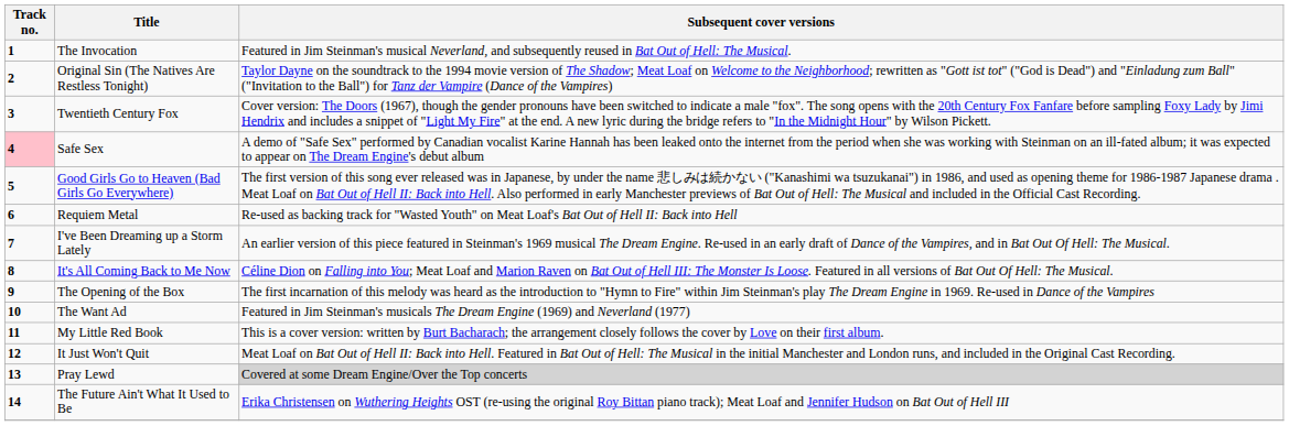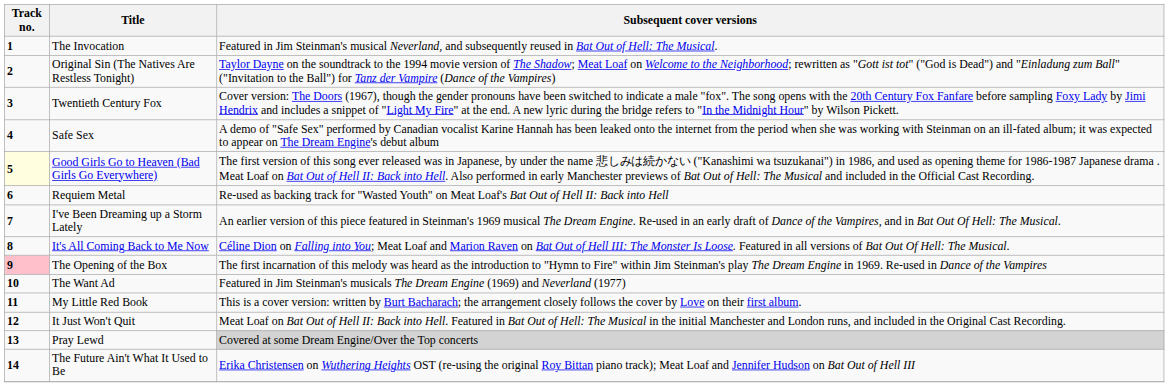 <table class="wikitable">
 <tr>
 <th>Track no.</th>
 <th>Title</th>
 <th>Subsequent cover versions</th>
 </tr>
 <tr>
 <td><strong>1</strong></td>
 <td>The Invocation</td>
 <td>Featured in Jim Steinman's musical <em>Neverland,</em> and subsequently reused in <em><a href='#'>Bat Out of Hell: The Musical</a></em>.</td>
 </tr>
 <tr>
 <td><strong>2</strong></td>
 <td>Original Sin (The Natives Are Restless Tonight)</td>
 <td><a href='#'>Taylor Dayne</a> on the soundtrack to the 1994 movie version of <em><a href='#'>The Shadow</a></em>; <a href='#'>Meat Loaf</a> on <em><a href='#'>Welcome to the Neighborhood</a></em>; rewritten as "<em>Gott ist tot</em>" ("God is Dead") and "<em>Einladung zum Ball</em>" ("Invitation to the Ball") for <em><a href='#'>Tanz der Vampire</a></em> (<em>Dance of the Vampires</em>)</td>
 </tr>
 <tr>
 <td><strong>3</strong></td>
 <td>Twentieth Century Fox</td>
 <td>Cover version: <a href='#'>The Doors</a> (1967), though the gender pronouns have been switched to indicate a male "fox". The song opens with the <a href='#'>20th Century Fox Fanfare</a> before sampling <a href='#'>Foxy Lady</a> by <a href='#'>Jimi Hendrix</a> and includes a snippet of "<a href='#'>Light My Fire</a>" at the end. A new lyric during the bridge refers to "<a href='#'>In the Midnight Hour</a>" by Wilson Pickett.</td>
 </tr>
 <tr>
-<td style="background: pink;"><strong>4</strong></td>
+<td><strong>4</strong></td>
 <td>Safe Sex</td>
 <td>A demo of "Safe Sex" performed by Canadian vocalist Karine Hannah has been leaked onto the internet from the period when she was working with Steinman on an ill-fated album; it was expected to appear on <a href='#'>The Dream Engine</a>'s debut album</td>
 </tr>
 <tr>
-<td><strong>5</strong></td>
+<td style="background: lightyellow;"><strong>5</strong></td>
 <td><a href='#'>Good Girls Go to Heaven (Bad Girls Go Everywhere)</a></td>
 <td>The first version of this song ever released was in Japanese, by  under the name 悲しみは続かない ("Kanashimi wa tsuzukanai") in 1986, and used as opening theme for 1986-1987 Japanese drama . Meat Loaf on <em><a href='#'>Bat Out of Hell II: Back into Hell</a></em>. Also performed in early Manchester previews of <em>Bat Out of Hell: The Musical</em> and included in the Official Cast Recording.</td>
 </tr>
 <tr>
 <td><strong>6</strong></td>
 <td>Requiem Metal</td>
 <td>Re-used as backing track for "Wasted Youth" on Meat Loaf's <em>Bat Out of Hell II: Back into Hell</em></td>
 </tr>
 <tr>
 <td><strong>7</strong></td>
 <td>I've Been Dreaming up a Storm Lately</td>
 <td>An earlier version of this piece featured in Steinman's 1969 musical <em>The Dream Engine</em>. Re-used in an early draft of <em>Dance of the Vampires,</em> and in <em>Bat Out Of Hell: The Musical</em>.</td>
 </tr>
 <tr>
 <td><strong>8</strong></td>
 <td><a href='#'>It's All Coming Back to Me Now</a></td>
 <td><a href='#'>Céline Dion</a> on <em><a href='#'>Falling into You</a></em>; Meat Loaf and <a href='#'>Marion Raven</a> on <em><a href='#'>Bat Out of Hell III: The Monster Is Loose</a>.</em> Featured in all versions of <em>Bat Out Of Hell: The Musical</em>.</td>
 </tr>
 <tr>
-<td><strong>9</strong></td>
+<td style="background: pink;"><strong>9</strong></td>
 <td>The Opening of the Box</td>
 <td>The first incarnation of this melody was heard as the introduction to "Hymn to Fire" within Jim Steinman's play <em>The Dream Engine</em> in 1969. Re-used in <em>Dance of the Vampires</em></td>
 </tr>
 <tr>
 <td><strong>10</strong></td>
 <td>The Want Ad</td>
 <td>Featured in Jim Steinman's musicals <em>The Dream Engine</em> (1969) and <em>Neverland</em> (1977)</td>
 </tr>
 <tr>
 <td><strong>11</strong></td>
 <td>My Little Red Book</td>
 <td>This is a cover version: written by <a href='#'>Burt Bacharach</a>; the arrangement closely follows the cover by <a href='#'>Love</a> on their <a href='#'>first album</a>.</td>
 </tr>
 <tr>
 <td><strong>12</strong></td>
 <td>It Just Won't Quit</td>
 <td>Meat Loaf on <em>Bat Out of Hell II: Back into Hell</em>. Featured in <em>Bat Out of Hell: The Musical</em> in the initial Manchester and London runs, and included in the Original Cast Recording.</td>
 </tr>
 <tr>
 <td><strong>13</strong></td>
 <td>Pray Lewd</td>
 <td style="background: lightgrey;">Covered at some Dream Engine/Over the Top concerts</td>
 </tr>
 <tr>
 <td><strong>14</strong></td>
 <td>The Future Ain't What It Used to Be</td>
 <td><a href='#'>Erika Christensen</a> on <em><a href='#'>Wuthering Heights</a></em> OST (re-using the original <a href='#'>Roy Bittan</a> piano track); Meat Loaf and <a href='#'>Jennifer Hudson</a> on <em>Bat Out of Hell III</em></td>
 </tr>
 <tr>
 </tr>
 </table>
